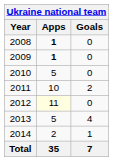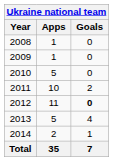 <table class="wikitable" style="text-align:center">
 <tr>
 <th colspan=4><a href='#'>Ukraine national team</a></th>
 </tr>
 <tr>
 <th>Year</th>
 <th>Apps</th>
 <th>Goals</th>
 </tr>
 <tr>
 <td>2008</td>
-<td><strong>1</strong></td>
+<td>1</td>
 <td>0</td>
 </tr>
 <tr>
 <td>2009</td>
-<td><strong>1</strong></td>
+<td>1</td>
 <td>0</td>
 </tr>
 <tr>
 <td>2010</td>
 <td>5</td>
 <td>0</td>
 </tr>
 <tr>
 <td>2011</td>
 <td>10</td>
 <td>2</td>
 </tr>
 <tr>
 <td>2012</td>
-<td style="background: lightyellow;">11</td>
-<td>0</td>
+<td>11</td>
+<td><strong>0</strong></td>
 </tr>
 <tr>
 <td>2013</td>
 <td>5</td>
 <td>4</td>
 </tr>
 <tr>
 <td>2014</td>
 <td>2</td>
 <td>1</td>
 </tr>
 <tr>
 <th>Total</th>
 <th>35</th>
 <th>7</th>
 </tr>
 </table>
